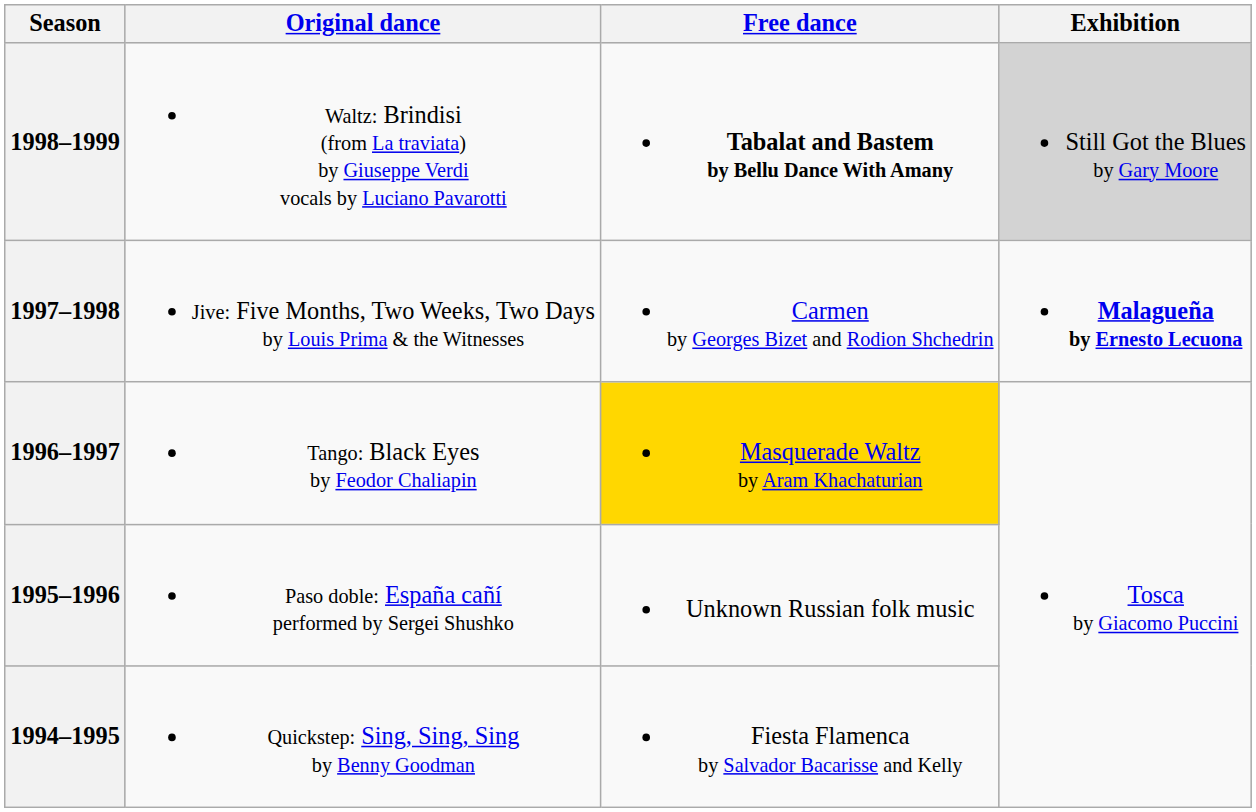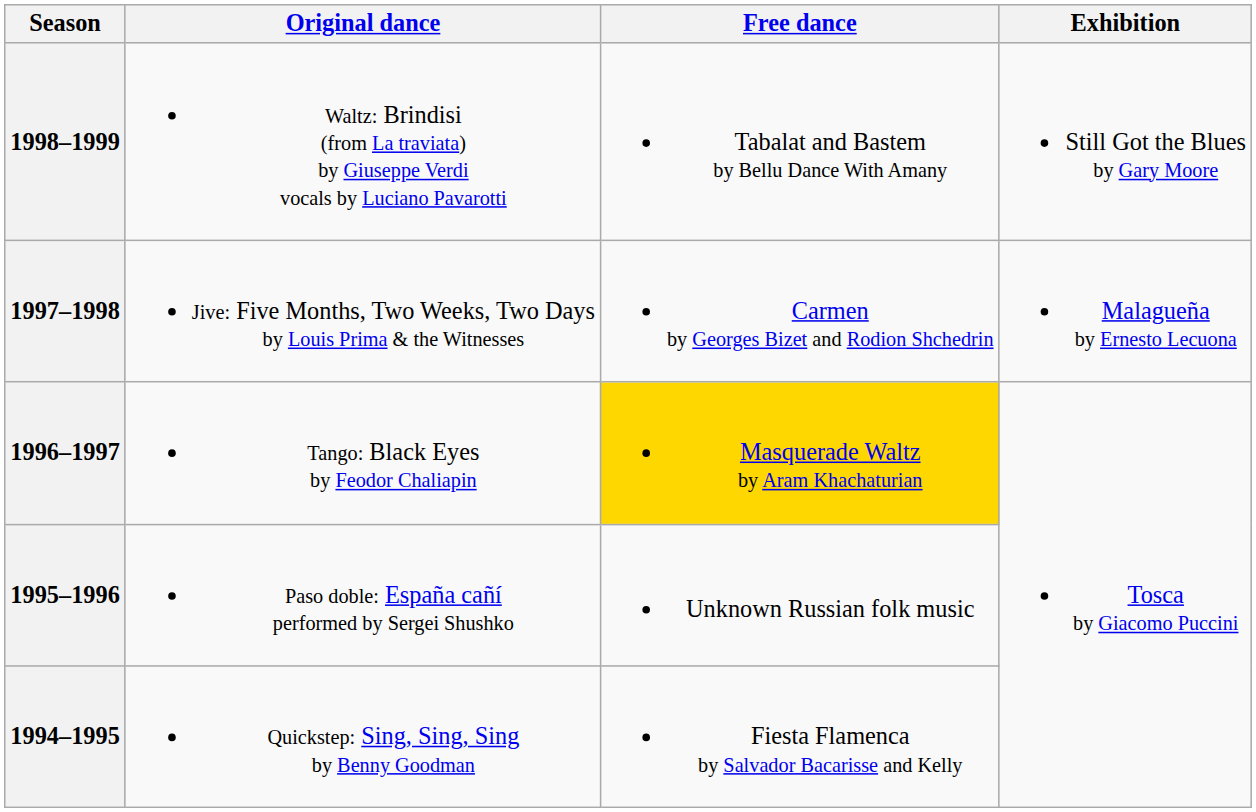 <table class="wikitable" style="text-align:center">
 <tr>
 <th>Season</th>
 <th><a href='#'>Original dance</a></th>
 <th><a href='#'>Free dance</a></th>
 <th>Exhibition</th>
 </tr>
 <tr>
 <th>1998–1999 <br> </th>
 <td><br><ul><li><small>Waltz:</small> Brindisi <br><small> (from <a href='#'>La traviata</a>) <br> by <a href='#'>Giuseppe Verdi</a> <br> vocals by <a href='#'>Luciano Pavarotti</a> </small></li></ul></td>
-<td><strong><br><ul><li>Tabalat and Bastem <br><small> by Bellu Dance With Amany </small></li></ul></strong></td>
-<td style="background: lightgrey;"><br><ul><li>Still Got the Blues <br><small> by <a href='#'>Gary Moore</a> </small></li></ul></td>
+<td><br><ul><li>Tabalat and Bastem <br><small> by Bellu Dance With Amany </small></li></ul></td>
+<td><br><ul><li>Still Got the Blues <br><small> by <a href='#'>Gary Moore</a> </small></li></ul></td>
 </tr>
 <tr>
 <th>1997–1998 <br> </th>
 <td><br><ul><li><small>Jive:</small> Five Months, Two Weeks, Two Days <br><small> by <a href='#'>Louis Prima</a> & the Witnesses </small></li></ul></td>
 <td><br><ul><li><a href='#'>Carmen</a> <br><small> by <a href='#'>Georges Bizet</a> and <a href='#'>Rodion Shchedrin</a> </small></li></ul></td>
-<td><strong><br><ul><li><a href='#'>Malagueña</a> <br><small> by <a href='#'>Ernesto Lecuona</a> </small></li></ul></strong></td>
+<td><br><ul><li><a href='#'>Malagueña</a> <br><small> by <a href='#'>Ernesto Lecuona</a> </small></li></ul></td>
 </tr>
 <tr>
 <th>1996–1997 <br> </th>
 <td><br><ul><li><small>Tango:</small> Black Eyes <br><small> by <a href='#'>Feodor Chaliapin</a> </small></li></ul></td>
 <td style="background: gold;"><br><ul><li><a href='#'>Masquerade Waltz</a> <br><small> by <a href='#'>Aram Khachaturian</a> </small></li></ul></td>
 <td rowspan=3><br><ul><li><a href='#'>Tosca</a> <br><small> by <a href='#'>Giacomo Puccini</a> </small></li></ul></td>
 </tr>
 <tr>
 <th>1995–1996 <br> </th>
 <td><br><ul><li><small>Paso doble:</small> <a href='#'>España cañí</a> <br><small> performed by Sergei Shushko </small></li></ul></td>
 <td><br><ul><li>Unknown Russian folk music</li></ul></td>
 </tr>
 <tr>
 <th>1994–1995 <br> </th>
 <td><br><ul><li><small>Quickstep:</small> <a href='#'>Sing, Sing, Sing</a> <br><small> by <a href='#'>Benny Goodman</a> </small></li></ul></td>
 <td><br><ul><li>Fiesta Flamenca <br><small> by <a href='#'>Salvador Bacarisse</a> and Kelly </small></li></ul></td>
 </tr>
 </table>
